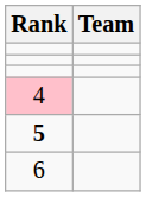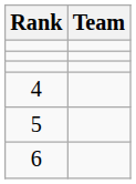 <table class="wikitable" style="text-align: center">
 <tr>
 <th>Rank</th>
 <th>Team</th>
 </tr>
 <tr>
 <td></td>
 <td align=left></td>
 </tr>
 <tr>
 <td></td>
 <td align=left></td>
 </tr>
 <tr>
 <td></td>
 <td align=left></td>
 </tr>
 <tr>
-<td style="background: pink;">4</td>
+<td>4</td>
 <td align=left></td>
 </tr>
 <tr>
-<td><strong>5</strong></td>
+<td>5</td>
 <td align=left></td>
 </tr>
 <tr>
 <td>6</td>
 <td align=left></td>
 </tr>
 </table>
